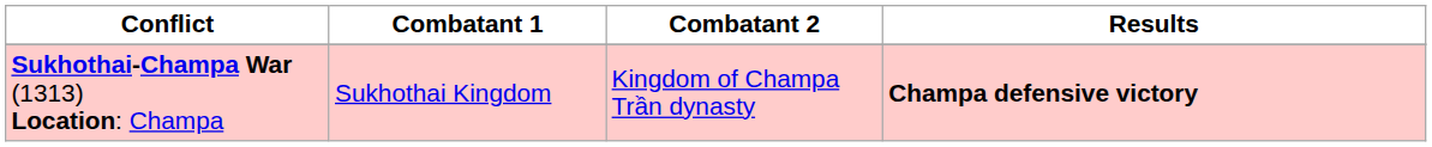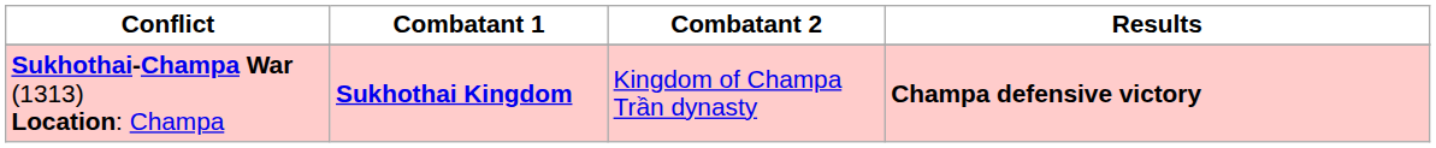 <table class="wikitable">
 <tr>
 <th style="background-color:white;" rowspan="1"width=200px><span>Conflict</span></th>
 <th style="background-color:white;" rowspan="1" width=170px><span>Combatant 1</span></th>
 <th style="background-color:white;" rowspan="1" width=170px><span>Combatant 2</span></th>
 <th style="background-color:white;" rowspan="1" width=340px><span>Results</span></th>
 </tr>
 <tr>
 </tr>
 <tr bgcolor="#FFCCCB">
 <td><strong><a href='#'>Sukhothai</a>-<a href='#'>Champa</a> War</strong> (1313)<br><strong>Location</strong>: <a href='#'>Champa</a>                                                 </td>
-<td><a href='#'>Sukhothai Kingdom</a></td>
+<td><strong><a href='#'>Sukhothai Kingdom</a></strong></td>
 <td><a href='#'>Kingdom of Champa</a><br><a href='#'>Trần dynasty</a></td>
 <td><strong>Champa defensive victory</strong></td>
 </tr>
 </table>
